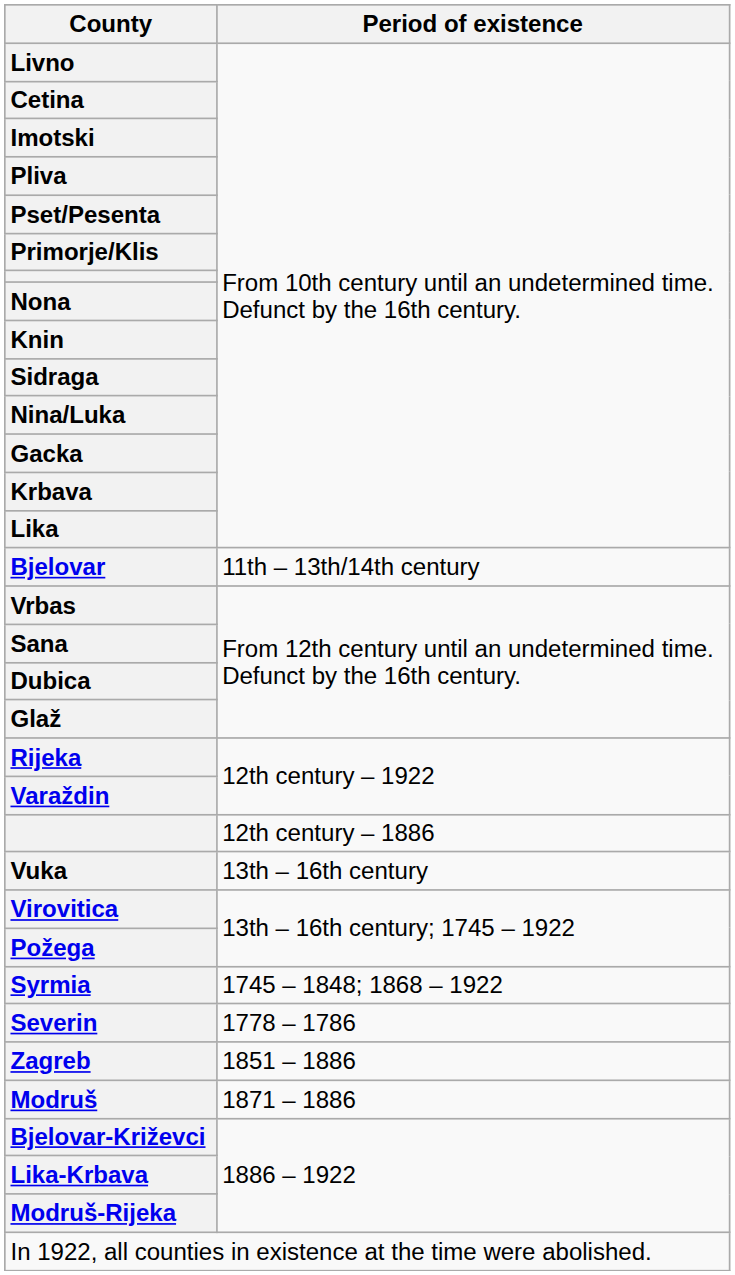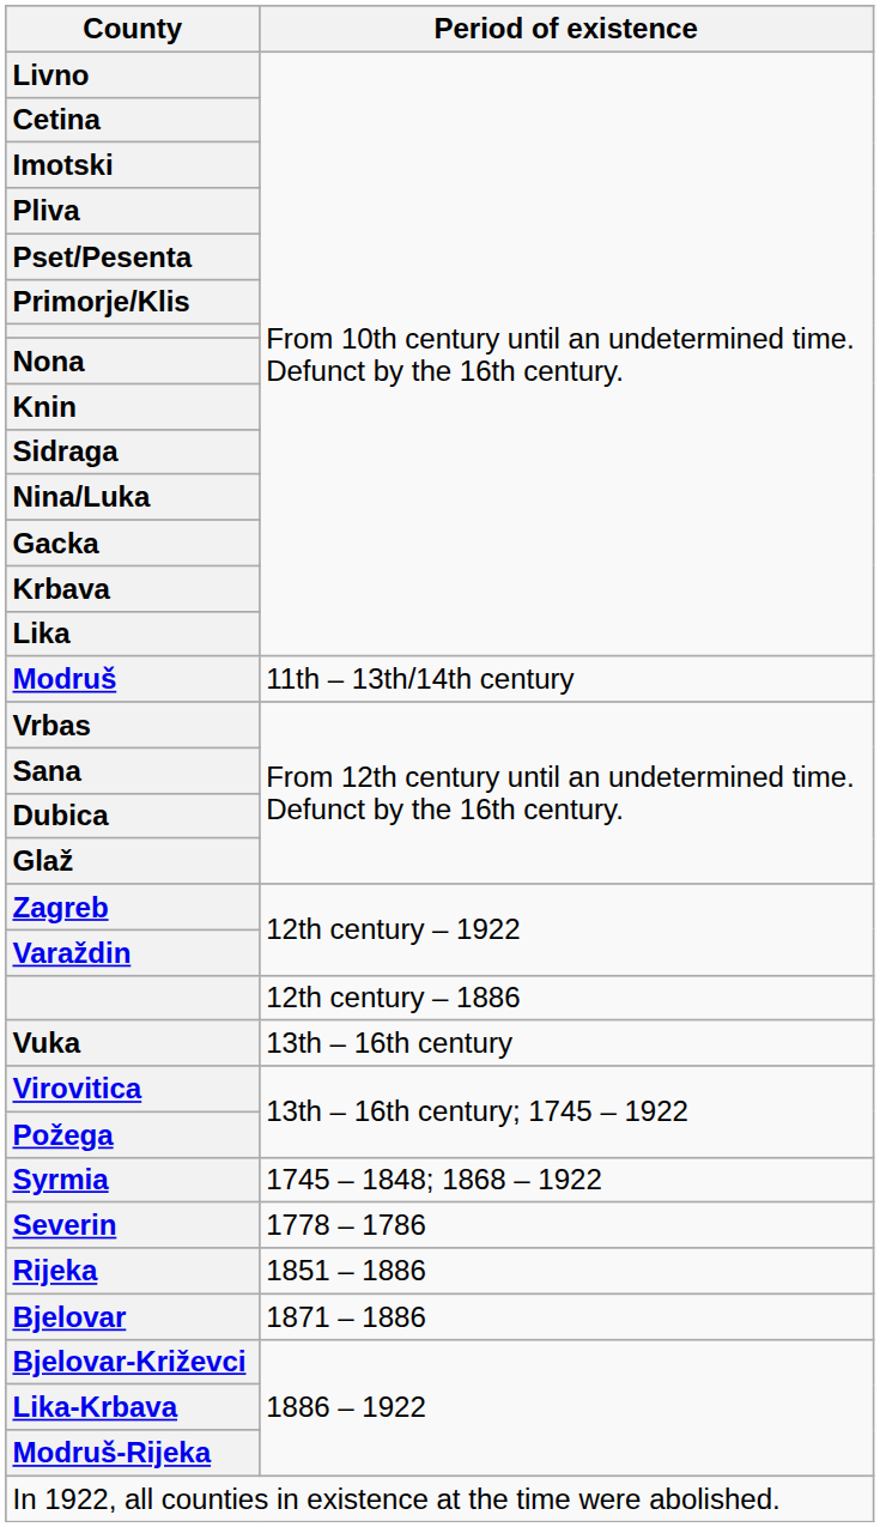 <table class="sortable plainrowheaders wikitable" style="cellspacing=2px; text-align:left; font-size:90%;">
 <tr style="font-size:100%; text-align:right;">
 <th style="width:120px;"  scope="col">County</th>
 <th style="width:300px;"  scope="col">Period of existence</th>
 </tr>
 <tr>
 <th scope="row" style=text-align:left>Livno</th>
 <td rowspan=14>From  10th century until an undetermined time. Defunct by the 16th century.</td>
 </tr>
 <tr>
 <th scope="row" style=text-align:left>Cetina</th>
 </tr>
 <tr>
 <th scope="row" style=text-align:left>Imotski</th>
 </tr>
 <tr>
 <th scope="row" style=text-align:left>Pliva</th>
 </tr>
 <tr>
 <th scope="row" style=text-align:left>Pset/Pesenta</th>
 </tr>
 <tr>
 <th scope="row" style=text-align:left>Primorje/Klis</th>
 </tr>
 <tr>
 <th scope="row" style=text-align:left></th>
 </tr>
 <tr>
 <th scope="row" style=text-align:left>Nona</th>
 </tr>
 <tr>
 <th scope="row" style=text-align:left>Knin</th>
 </tr>
 <tr>
 <th scope="row" style=text-align:left>Sidraga</th>
 </tr>
 <tr>
 <th scope="row" style=text-align:left>Nina/Luka</th>
 </tr>
 <tr>
 <th scope="row" style=text-align:left>Gacka</th>
 </tr>
 <tr>
 <th scope="row" style=text-align:left>Krbava</th>
 </tr>
 <tr>
 <th scope="row" style=text-align:left>Lika</th>
 </tr>
 <tr>
-<th scope="row" style=text-align:left><a href='#'>Bjelovar</a></th>
+<th scope="row" style=text-align:left><a href='#'>Modruš</a></th>
 <td>11th – 13th/14th century</td>
 </tr>
 <tr>
 <th scope="row" style=text-align:left>Vrbas</th>
 <td rowspan=4>From  12th century until an undetermined time. Defunct by the 16th century.</td>
 </tr>
 <tr>
 <th scope="row" style=text-align:left>Sana</th>
 </tr>
 <tr>
 <th scope="row" style=text-align:left>Dubica</th>
 </tr>
 <tr>
 <th scope="row" style=text-align:left>Glaž</th>
 </tr>
 <tr>
-<th scope="row" style=text-align:left><a href='#'>Rijeka</a></th>
+<th scope="row" style=text-align:left><a href='#'>Zagreb</a></th>
 <td rowspan=2>12th century – 1922</td>
 </tr>
 <tr>
 <th scope="row" style=text-align:left><a href='#'>Varaždin</a></th>
 </tr>
 <tr>
 <th scope="row" style=text-align:left></th>
 <td>12th century – 1886</td>
 </tr>
 <tr>
 <th scope="row" style=text-align:left>Vuka</th>
 <td>13th – 16th century</td>
 </tr>
 <tr>
 <th scope="row" style=text-align:left><a href='#'>Virovitica</a></th>
 <td rowspan=2>13th – 16th century; 1745 – 1922</td>
 </tr>
 <tr>
 <th scope="row" style=text-align:left><a href='#'>Požega</a></th>
 </tr>
 <tr>
 <th scope="row" style=text-align:left><a href='#'>Syrmia</a></th>
 <td>1745 – 1848; 1868 – 1922</td>
 </tr>
 <tr>
 <th scope="row" style=text-align:left><a href='#'>Severin</a></th>
 <td>1778 – 1786</td>
 </tr>
 <tr>
-<th scope="row" style=text-align:left><a href='#'>Zagreb</a></th>
+<th scope="row" style=text-align:left><a href='#'>Rijeka</a></th>
 <td>1851 – 1886</td>
 </tr>
 <tr>
-<th scope="row" style=text-align:left><a href='#'>Modruš</a></th>
+<th scope="row" style=text-align:left><a href='#'>Bjelovar</a></th>
 <td>1871 – 1886</td>
 </tr>
 <tr>
 <th scope="row" style=text-align:left><a href='#'>Bjelovar-Križevci</a></th>
 <td rowspan=3>1886 – 1922</td>
 </tr>
 <tr>
 <th scope="row" style=text-align:left><a href='#'>Lika-Krbava</a></th>
 </tr>
 <tr>
 <th scope="row" style=text-align:left><a href='#'>Modruš-Rijeka</a></th>
 </tr>
 <tr>
 <td colspan="2">In 1922, all counties in existence at the time were abolished.</td>
 </tr>
 </table>
